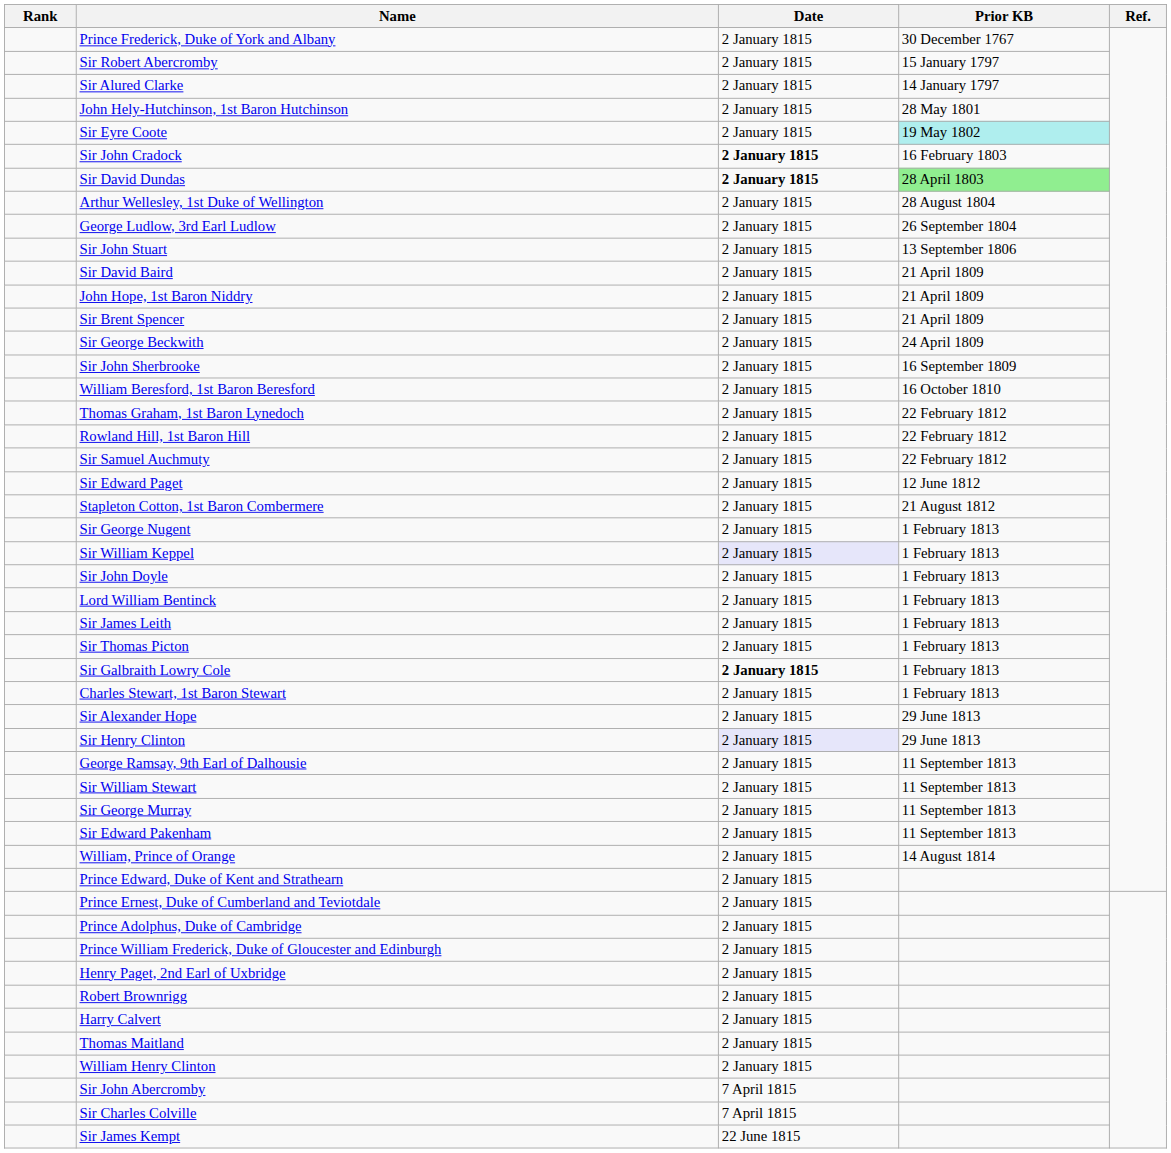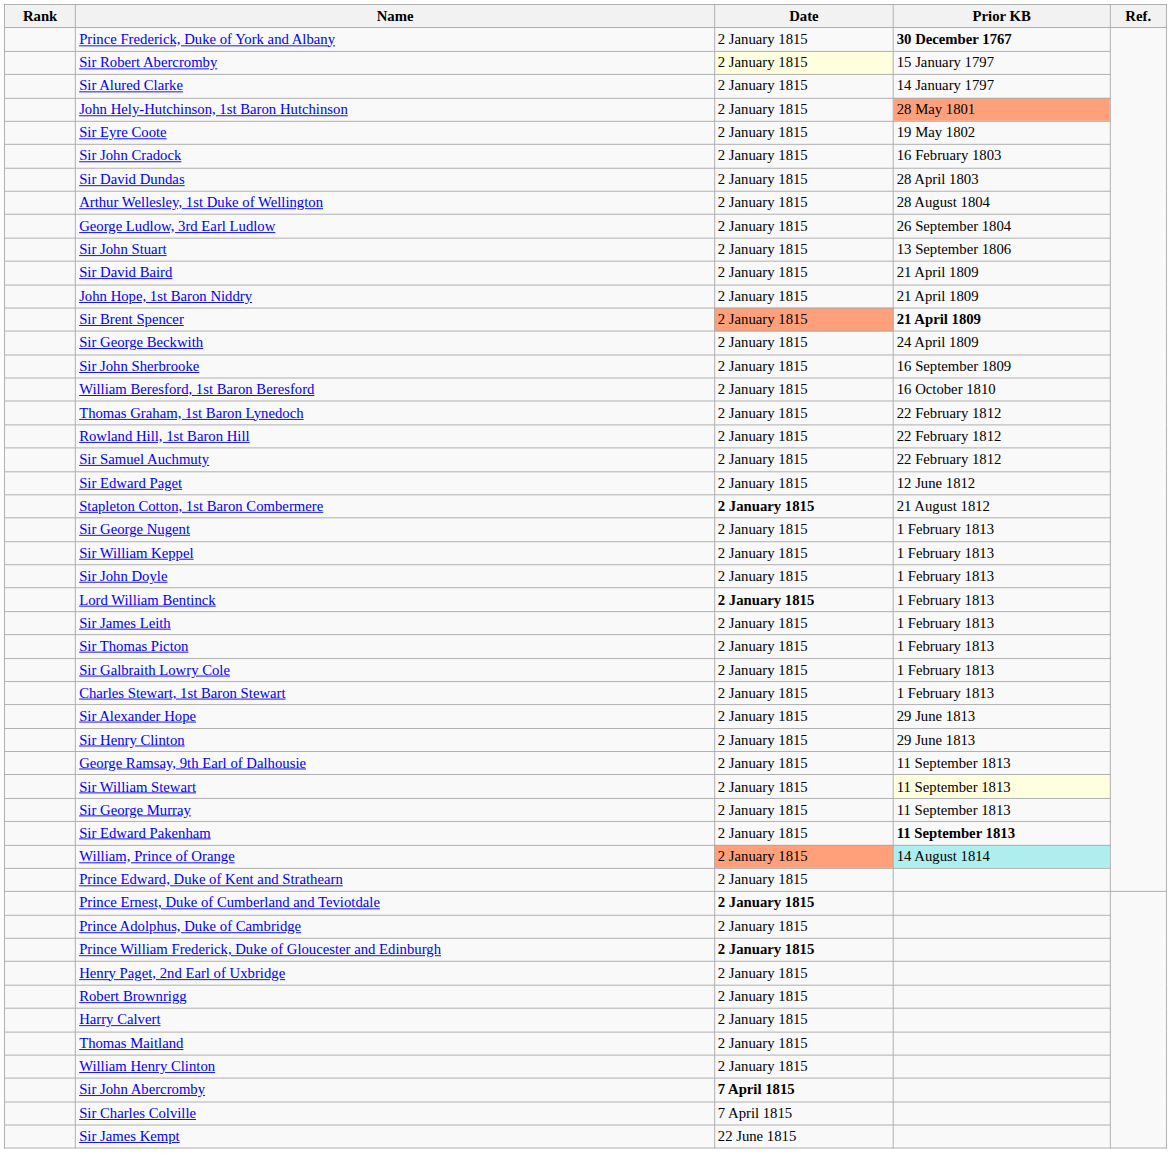 <table class="wikitable sortable"width=100%>
 <tr>
 <th style=>Rank</th>
 <th style=>Name</th>
 <th style=>Date</th>
 <th style=>Prior KB</th>
 <th style=>Ref.</th>
 </tr>
 <tr>
 <td></td>
 <td><a href='#'>Prince Frederick, Duke of York and Albany</a></td>
 <td>2 January 1815</td>
-<td>30 December 1767</td>
+<td><strong>30 December 1767</strong></td>
 <td rowspan=37></td>
 </tr>
 <tr>
 <td></td>
 <td><a href='#'>Sir Robert Abercromby</a></td>
-<td>2 January 1815</td>
+<td style="background: lightyellow;">2 January 1815</td>
 <td>15 January 1797</td>
 </tr>
 <tr>
 <td></td>
 <td><a href='#'>Sir Alured Clarke</a></td>
 <td>2 January 1815</td>
 <td>14 January 1797</td>
 </tr>
 <tr>
 <td></td>
 <td><a href='#'>John Hely-Hutchinson, 1st Baron Hutchinson</a></td>
 <td>2 January 1815</td>
-<td>28 May 1801</td>
+<td style="background: lightsalmon;">28 May 1801</td>
 </tr>
 <tr>
 <td></td>
 <td><a href='#'>Sir Eyre Coote</a></td>
 <td>2 January 1815</td>
-<td style="background: paleturquoise;">19 May 1802</td>
+<td>19 May 1802</td>
 </tr>
 <tr>
 <td></td>
 <td><a href='#'>Sir John Cradock</a></td>
-<td><strong>2 January 1815</strong></td>
+<td>2 January 1815</td>
 <td>16 February 1803</td>
 </tr>
 <tr>
 <td></td>
 <td><a href='#'>Sir David Dundas</a></td>
-<td><strong>2 January 1815</strong></td>
-<td style="background: lightgreen;">28 April 1803</td>
+<td>2 January 1815</td>
+<td>28 April 1803</td>
 </tr>
 <tr>
 <td></td>
 <td><a href='#'>Arthur Wellesley, 1st Duke of Wellington</a></td>
 <td>2 January 1815</td>
 <td>28 August 1804</td>
 </tr>
 <tr>
 <td></td>
 <td><a href='#'>George Ludlow, 3rd Earl Ludlow</a></td>
 <td>2 January 1815</td>
 <td>26 September 1804</td>
 </tr>
 <tr>
 <td></td>
 <td><a href='#'>Sir John Stuart</a></td>
 <td>2 January 1815</td>
 <td>13 September 1806</td>
 </tr>
 <tr>
 <td></td>
 <td><a href='#'>Sir David Baird</a></td>
 <td>2 January 1815</td>
 <td>21 April 1809</td>
 </tr>
 <tr>
 <td></td>
 <td><a href='#'>John Hope, 1st Baron Niddry</a></td>
 <td>2 January 1815</td>
 <td>21 April 1809</td>
 </tr>
 <tr>
 <td></td>
 <td><a href='#'>Sir Brent Spencer</a></td>
-<td>2 January 1815</td>
-<td>21 April 1809</td>
+<td style="background: lightsalmon;">2 January 1815</td>
+<td><strong>21 April 1809</strong></td>
 </tr>
 <tr>
 <td></td>
 <td><a href='#'>Sir George Beckwith</a></td>
 <td>2 January 1815</td>
 <td>24 April 1809</td>
 </tr>
 <tr>
 <td></td>
 <td><a href='#'>Sir John Sherbrooke</a></td>
 <td>2 January 1815</td>
 <td>16 September 1809</td>
 </tr>
 <tr>
 <td></td>
 <td><a href='#'>William Beresford, 1st Baron Beresford</a></td>
 <td>2 January 1815</td>
 <td>16 October 1810</td>
 </tr>
 <tr>
 <td></td>
 <td><a href='#'>Thomas Graham, 1st Baron Lynedoch</a></td>
 <td>2 January 1815</td>
 <td>22 February 1812</td>
 </tr>
 <tr>
 <td></td>
 <td><a href='#'>Rowland Hill, 1st Baron Hill</a></td>
 <td>2 January 1815</td>
 <td>22 February 1812</td>
 </tr>
 <tr>
 <td></td>
 <td><a href='#'>Sir Samuel Auchmuty</a></td>
 <td>2 January 1815</td>
 <td>22 February 1812</td>
 </tr>
 <tr>
 <td></td>
 <td><a href='#'>Sir Edward Paget</a></td>
 <td>2 January 1815</td>
 <td>12 June 1812</td>
 </tr>
 <tr>
 <td></td>
 <td><a href='#'>Stapleton Cotton, 1st Baron Combermere</a></td>
-<td>2 January 1815</td>
+<td><strong>2 January 1815</strong></td>
 <td>21 August 1812</td>
 </tr>
 <tr>
 <td></td>
 <td><a href='#'>Sir George Nugent</a></td>
 <td>2 January 1815</td>
 <td>1 February 1813</td>
 </tr>
 <tr>
 <td></td>
 <td><a href='#'>Sir William Keppel</a></td>
-<td style="background: lavender;">2 January 1815</td>
+<td>2 January 1815</td>
 <td>1 February 1813</td>
 </tr>
 <tr>
 <td></td>
 <td><a href='#'>Sir John Doyle</a></td>
 <td>2 January 1815</td>
 <td>1 February 1813</td>
 </tr>
 <tr>
 <td></td>
 <td><a href='#'>Lord William Bentinck</a></td>
-<td>2 January 1815</td>
+<td><strong>2 January 1815</strong></td>
 <td>1 February 1813</td>
 </tr>
 <tr>
 <td></td>
 <td><a href='#'>Sir James Leith</a></td>
 <td>2 January 1815</td>
 <td>1 February 1813</td>
 </tr>
 <tr>
 <td></td>
 <td><a href='#'>Sir Thomas Picton</a></td>
 <td>2 January 1815</td>
 <td>1 February 1813</td>
 </tr>
 <tr>
 <td></td>
 <td><a href='#'>Sir Galbraith Lowry Cole</a></td>
-<td><strong>2 January 1815</strong></td>
+<td>2 January 1815</td>
 <td>1 February 1813</td>
 </tr>
 <tr>
 <td></td>
 <td><a href='#'>Charles Stewart, 1st Baron Stewart</a></td>
 <td>2 January 1815</td>
 <td>1 February 1813</td>
 </tr>
 <tr>
 <td></td>
 <td><a href='#'>Sir Alexander Hope</a></td>
 <td>2 January 1815</td>
 <td>29 June 1813</td>
 </tr>
 <tr>
 <td></td>
 <td><a href='#'>Sir Henry Clinton</a></td>
-<td style="background: lavender;">2 January 1815</td>
+<td>2 January 1815</td>
 <td>29 June 1813</td>
 </tr>
 <tr>
 <td></td>
 <td><a href='#'>George Ramsay, 9th Earl of Dalhousie</a></td>
 <td>2 January 1815</td>
 <td>11 September 1813</td>
 </tr>
 <tr>
 <td></td>
 <td><a href='#'>Sir William Stewart</a></td>
 <td>2 January 1815</td>
-<td>11 September 1813</td>
+<td style="background: lightyellow;">11 September 1813</td>
 </tr>
 <tr>
 <td></td>
 <td><a href='#'>Sir George Murray</a></td>
 <td>2 January 1815</td>
 <td>11 September 1813</td>
 </tr>
 <tr>
 <td></td>
 <td><a href='#'>Sir Edward Pakenham</a></td>
 <td>2 January 1815</td>
-<td>11 September 1813</td>
+<td><strong>11 September 1813</strong></td>
 </tr>
 <tr>
 <td></td>
 <td><a href='#'>William, Prince of Orange</a></td>
-<td>2 January 1815</td>
-<td>14 August 1814</td>
+<td style="background: lightsalmon;">2 January 1815</td>
+<td style="background: paleturquoise;">14 August 1814</td>
 </tr>
 <tr>
 <td></td>
 <td><a href='#'>Prince Edward, Duke of Kent and Strathearn</a></td>
 <td>2 January 1815</td>
 <td></td>
 </tr>
 <tr>
 <td></td>
 <td><a href='#'>Prince Ernest, Duke of Cumberland and Teviotdale</a></td>
-<td>2 January 1815</td>
+<td><strong>2 January 1815</strong></td>
 <td></td>
 <td rowspan=11></td>
 </tr>
 <tr>
 <td></td>
 <td><a href='#'>Prince Adolphus, Duke of Cambridge</a></td>
 <td>2 January 1815</td>
 <td></td>
 </tr>
 <tr>
 <td></td>
 <td><a href='#'>Prince William Frederick, Duke of Gloucester and Edinburgh</a></td>
-<td>2 January 1815</td>
+<td><strong>2 January 1815</strong></td>
 <td></td>
 </tr>
 <tr>
 <td></td>
 <td><a href='#'>Henry Paget, 2nd Earl of Uxbridge</a></td>
 <td>2 January 1815</td>
 <td></td>
 </tr>
 <tr>
 <td></td>
 <td><a href='#'>Robert Brownrigg</a></td>
 <td>2 January 1815</td>
 <td></td>
 </tr>
 <tr>
 <td></td>
 <td><a href='#'>Harry Calvert</a></td>
 <td>2 January 1815</td>
 <td></td>
 </tr>
 <tr>
 <td></td>
 <td><a href='#'>Thomas Maitland</a></td>
 <td>2 January 1815</td>
 <td></td>
 </tr>
 <tr>
 <td></td>
 <td><a href='#'>William Henry Clinton</a></td>
 <td>2 January 1815</td>
 <td></td>
 </tr>
 <tr>
 <td></td>
 <td><a href='#'>Sir John Abercromby</a></td>
-<td>7 April 1815</td>
+<td><strong>7 April 1815</strong></td>
 <td></td>
 </tr>
 <tr>
 <td></td>
 <td><a href='#'>Sir Charles Colville</a></td>
 <td>7 April 1815</td>
 <td></td>
 </tr>
 <tr>
 <td></td>
 <td><a href='#'>Sir James Kempt</a></td>
 <td>22 June 1815</td>
 <td></td>
 </tr>
 </table>
